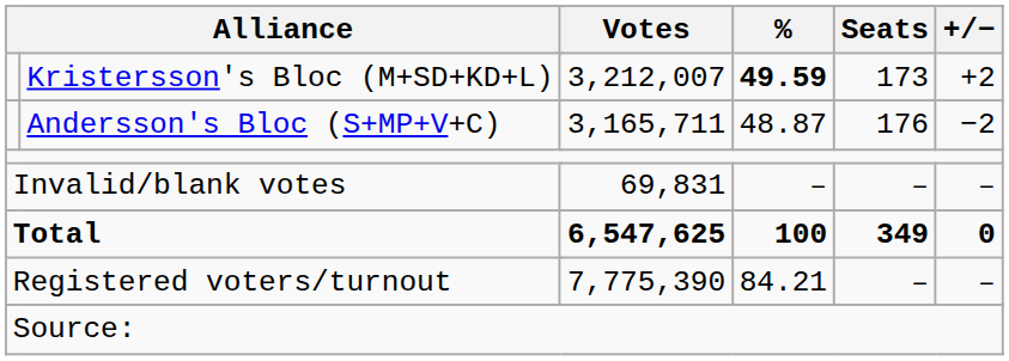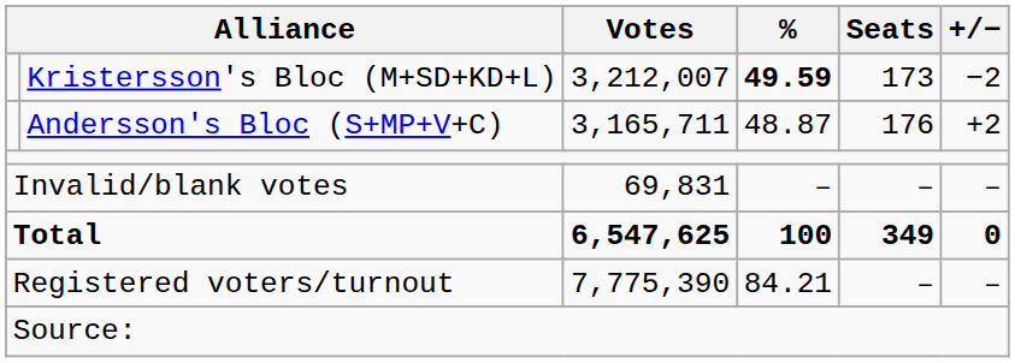 <table class=wikitable style=text-align:right>
 <tr>
 <th colspan=3>Alliance</th>
 <th>Votes</th>
 <th>%</th>
 <th>Seats</th>
 <th>+/−</th>
 </tr>
 <tr>
 <td style="background-color:"></td>
 <td align=left colspan=2><a href='#'>Kristersson</a>'s Bloc (M+SD+KD+L)</td>
 <td>3,212,007</td>
 <td><strong>49.59</strong></td>
 <td>173</td>
-<td>+2</td>
+<td>−2</td>
 </tr>
 <tr>
 <td style="background-color:"></td>
 <td align=left colspan=2><a href='#'>Andersson's Bloc</a> (<a href='#'>S+MP+V</a>+C)</td>
 <td>3,165,711</td>
 <td>48.87</td>
 <td>176</td>
-<td>−2</td>
+<td>+2</td>
 </tr>
 <tr>
 <td colspan=7></td>
 </tr>
 <tr>
 <td align=left colspan=3>Invalid/blank votes</td>
 <td>69,831</td>
 <td>–</td>
 <td>–</td>
 <td>–</td>
 </tr>
 <tr>
 <td align=left colspan=3><strong>Total</strong></td>
 <td><strong>6,547,625</strong></td>
 <td><strong>100</strong></td>
 <td><strong>349</strong></td>
 <td><strong>0</strong></td>
 </tr>
 <tr>
 <td align=left colspan=3>Registered voters/turnout</td>
 <td>7,775,390</td>
 <td>84.21</td>
 <td>–</td>
 <td>–</td>
 </tr>
 <tr>
 <td colspan=7 align="left">Source: </td>
 </tr>
 </table>
